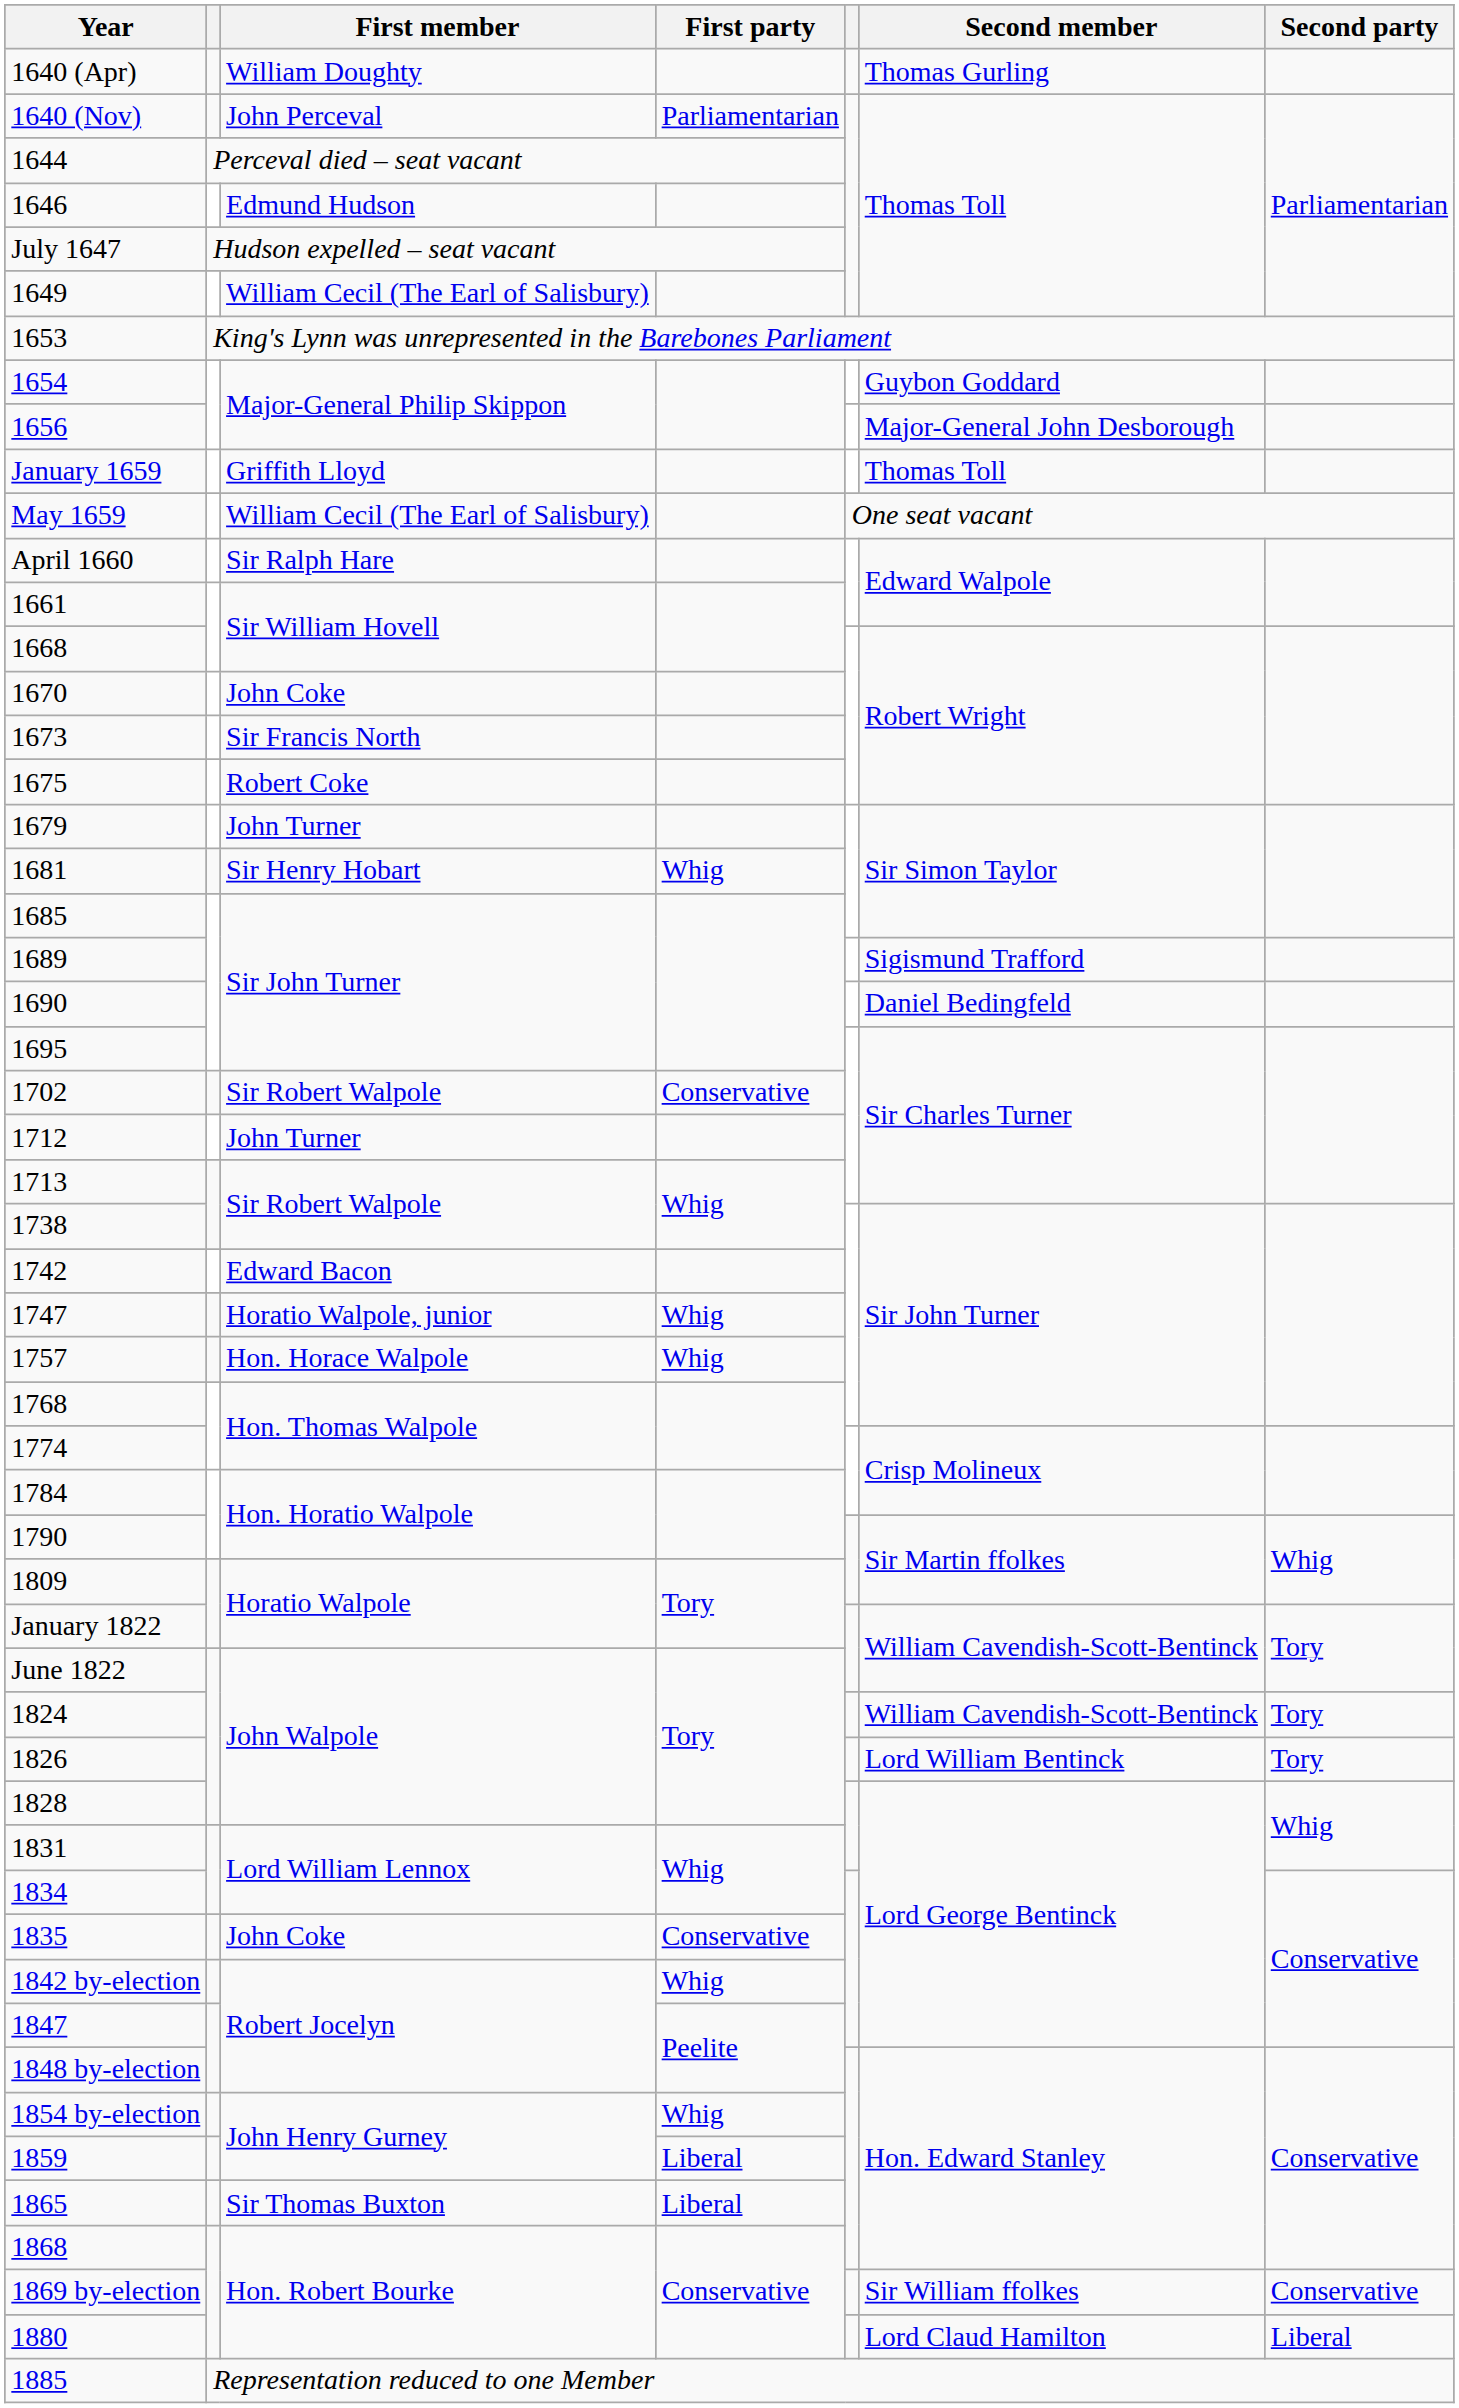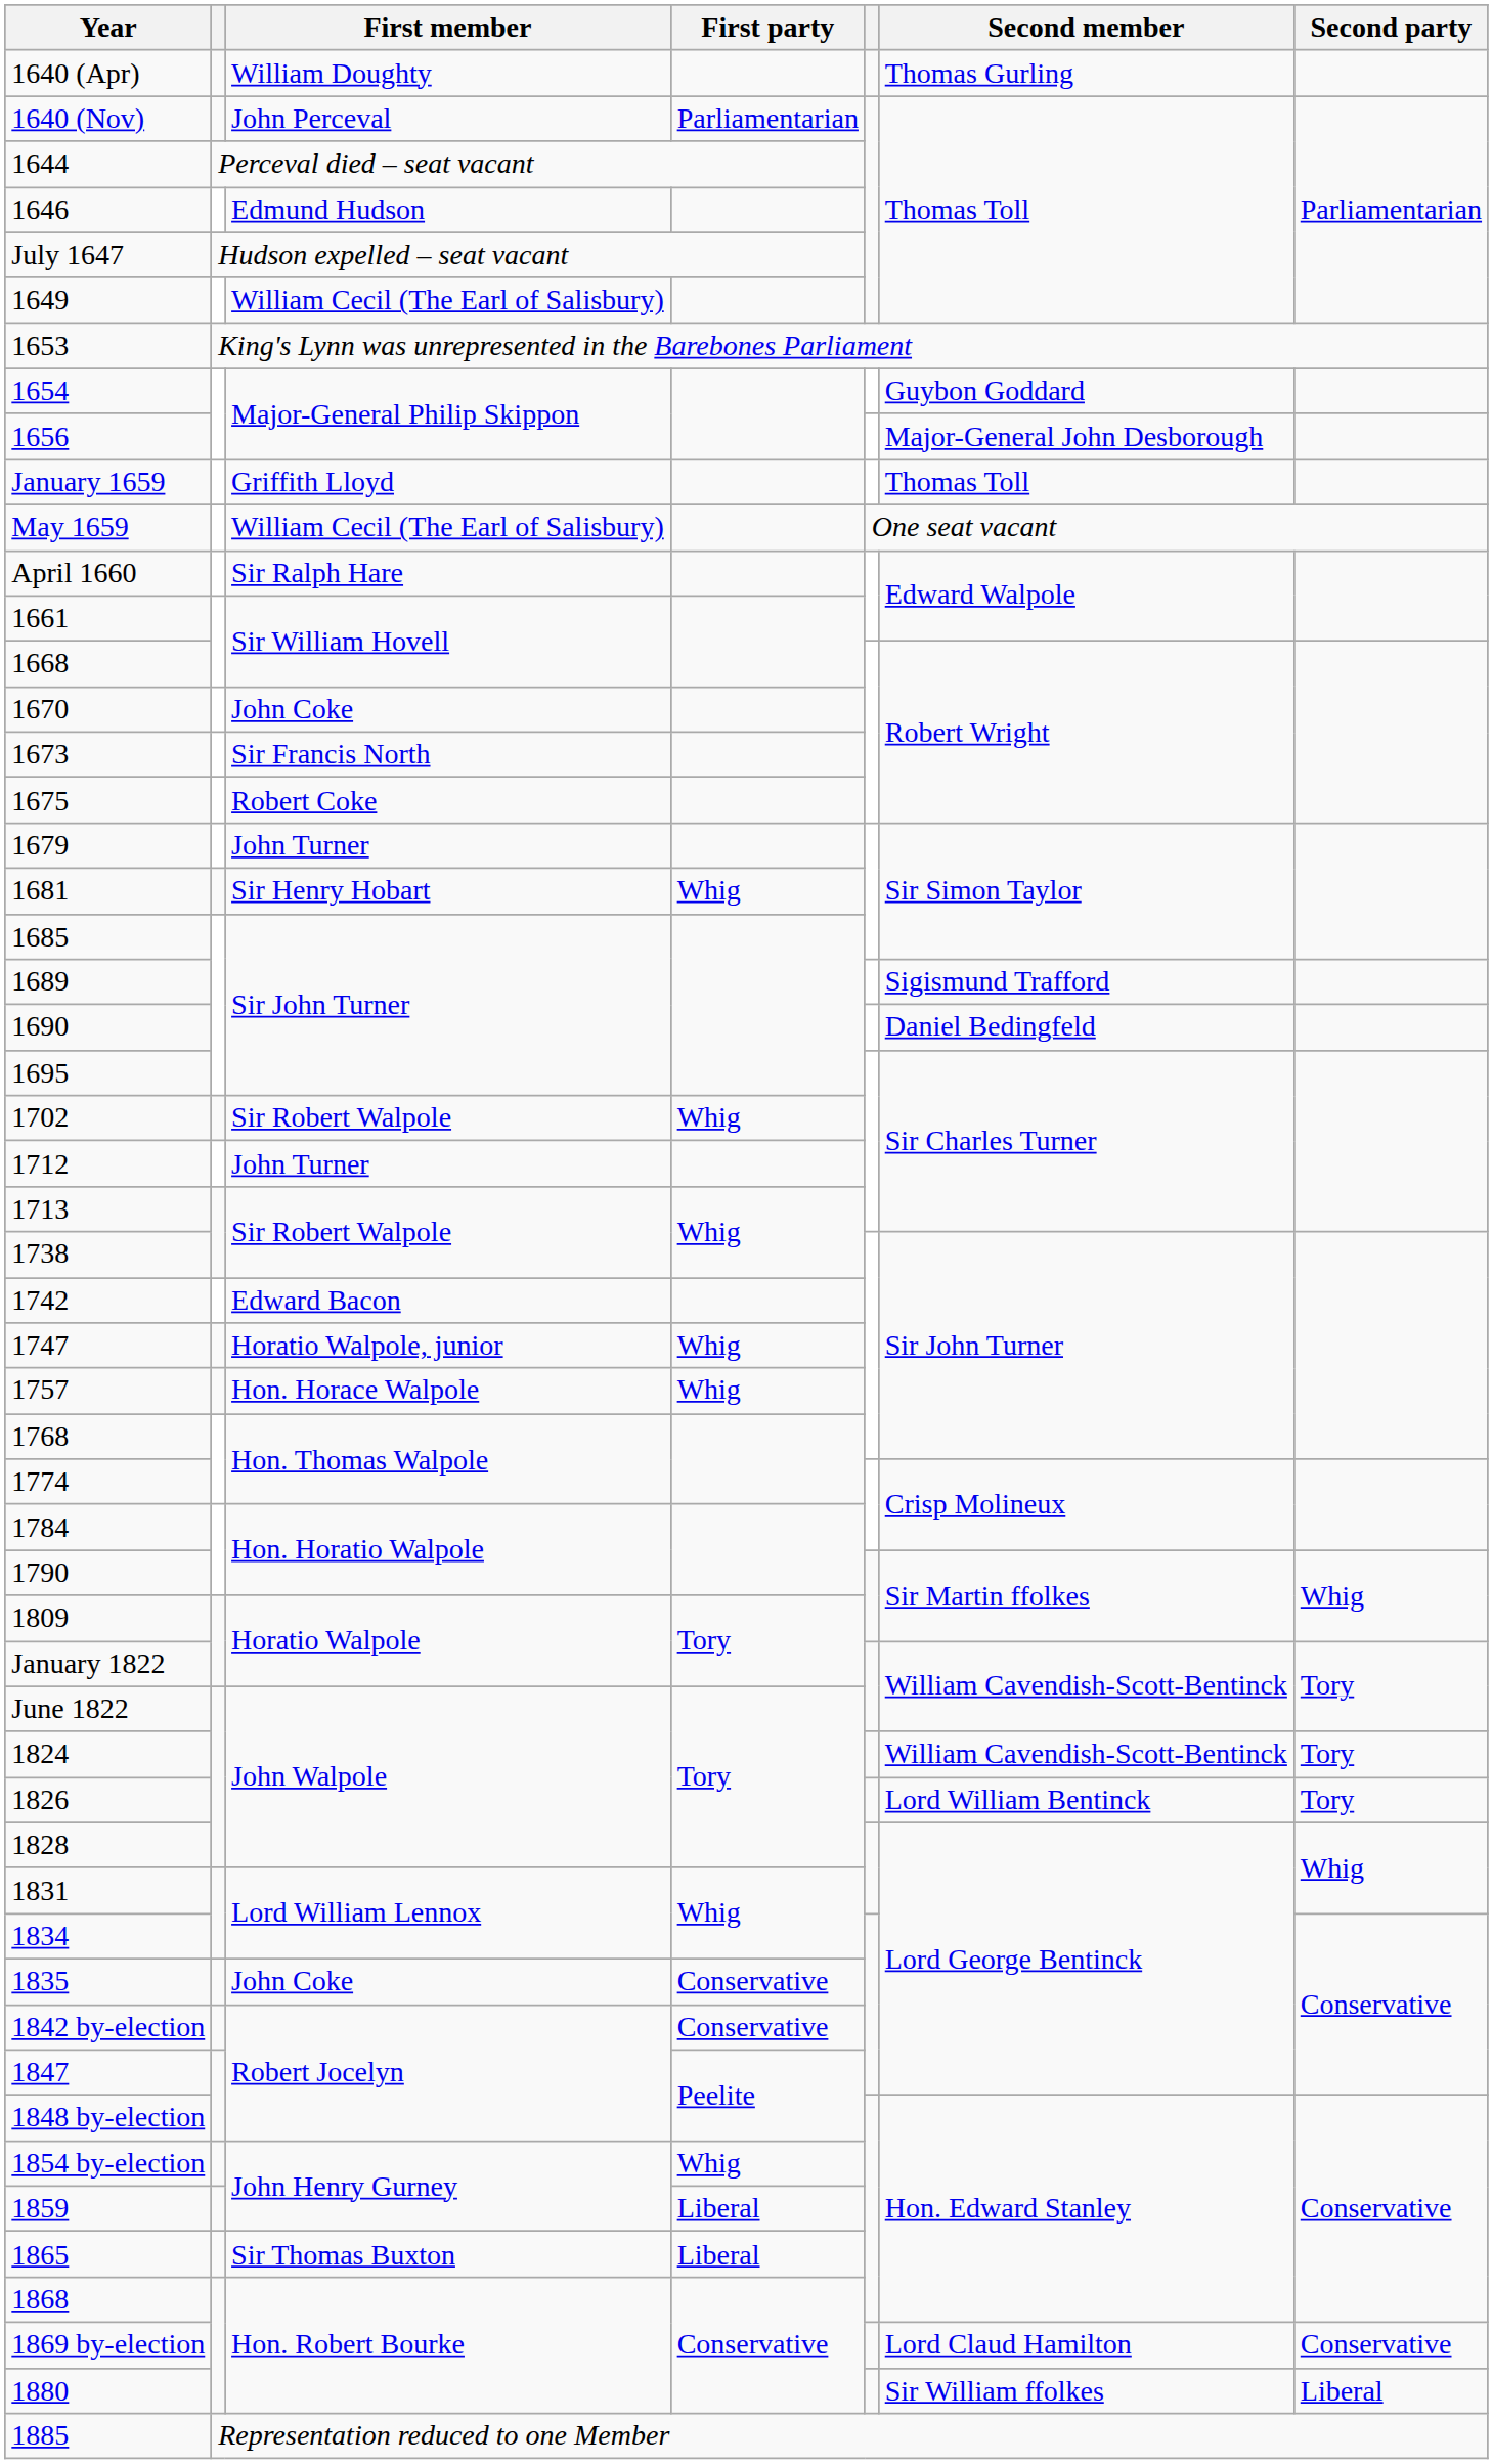 <table class="wikitable">
 <tr>
 <th>Year</th>
 <th></th>
 <th>First member</th>
 <th>First party</th>
 <th></th>
 <th>Second member</th>
 <th>Second party</th>
 </tr>
 <tr>
 <td>1640 (Apr)</td>
 <td></td>
 <td><a href='#'>William Doughty</a></td>
 <td></td>
 <td></td>
 <td><a href='#'>Thomas Gurling</a></td>
 </tr>
 <tr>
 <td><a href='#'>1640 (Nov)</a></td>
 <td style="color:inherit;background-color: "></td>
 <td><a href='#'>John Perceval</a></td>
 <td><a href='#'>Parliamentarian</a></td>
 <td rowspan="5" style="color:inherit;background-color: "></td>
 <td rowspan="5"><a href='#'>Thomas Toll</a></td>
 <td rowspan="5"><a href='#'>Parliamentarian</a></td>
 </tr>
 <tr>
 <td>1644</td>
 <td colspan="3"><em>Perceval died – seat vacant</em></td>
 </tr>
 <tr>
 <td>1646</td>
 <td style="color:inherit;background-color: white"></td>
 <td><a href='#'>Edmund Hudson</a></td>
 <td></td>
 </tr>
 <tr>
 <td>July 1647</td>
 <td colspan="3"><em>Hudson expelled – seat vacant</em></td>
 </tr>
 <tr>
 <td>1649</td>
 <td style="color:inherit;background-color: white"></td>
 <td><a href='#'>William Cecil (The Earl of Salisbury)</a></td>
 <td></td>
 </tr>
 <tr>
 <td>1653</td>
 <td colspan="6"><em>King's Lynn was unrepresented in the <a href='#'>Barebones Parliament</a></em></td>
 </tr>
 <tr>
 <td><a href='#'>1654</a></td>
 <td rowspan="2" style="color:inherit;background-color: white"></td>
 <td rowspan="2"><a href='#'>Major-General Philip Skippon</a></td>
 <td rowspan="2"></td>
 <td style="color:inherit;background-color: white"></td>
 <td><a href='#'>Guybon Goddard</a></td>
 <td></td>
 </tr>
 <tr>
 <td><a href='#'>1656</a></td>
 <td style="color:inherit;background-color: white"></td>
 <td><a href='#'>Major-General John Desborough</a></td>
 <td></td>
 </tr>
 <tr>
 <td><a href='#'>January 1659</a></td>
 <td style="color:inherit;background-color: white"></td>
 <td><a href='#'>Griffith Lloyd</a></td>
 <td></td>
 <td style="color:inherit;background-color: white"></td>
 <td><a href='#'>Thomas Toll</a></td>
 <td></td>
 </tr>
 <tr>
 <td><a href='#'>May 1659</a></td>
 <td style="color:inherit;background-color: white"></td>
 <td><a href='#'>William Cecil (The Earl of Salisbury)</a></td>
 <td></td>
 <td colspan="3"><em>One seat vacant</em></td>
 </tr>
 <tr>
 <td>April 1660</td>
 <td style="color:inherit;background-color: white"></td>
 <td><a href='#'>Sir Ralph Hare</a></td>
 <td></td>
 <td rowspan="2" style="color:inherit;background-color: white"></td>
 <td rowspan="2"><a href='#'>Edward Walpole</a></td>
 <td rowspan="2"></td>
 </tr>
 <tr>
 <td>1661</td>
 <td rowspan="2" style="color:inherit;background-color: white"></td>
 <td rowspan="2"><a href='#'>Sir William Hovell</a></td>
 <td rowspan="2"></td>
 </tr>
 <tr>
 <td>1668</td>
 <td rowspan="4" style="color:inherit;background-color: white"></td>
 <td rowspan="4"><a href='#'>Robert Wright</a></td>
 <td rowspan="4"></td>
 </tr>
 <tr>
 <td>1670</td>
 <td style="color:inherit;background-color: white"></td>
 <td><a href='#'>John Coke</a></td>
 <td></td>
 </tr>
 <tr>
 <td>1673</td>
 <td style="color:inherit;background-color: white"></td>
 <td><a href='#'>Sir Francis North</a></td>
 <td></td>
 </tr>
 <tr>
 <td>1675</td>
 <td style="color:inherit;background-color: white"></td>
 <td><a href='#'>Robert Coke</a></td>
 <td></td>
 </tr>
 <tr>
 <td>1679</td>
 <td style="color:inherit;background-color: white"></td>
 <td><a href='#'>John Turner</a></td>
 <td></td>
 <td rowspan="3" style="color:inherit;background-color: white"></td>
 <td rowspan="3"><a href='#'>Sir Simon Taylor</a></td>
 <td rowspan="3"></td>
 </tr>
 <tr>
 <td>1681</td>
 <td style="color:inherit;background-color: "></td>
 <td><a href='#'>Sir Henry Hobart</a></td>
 <td><a href='#'>Whig</a></td>
 </tr>
 <tr>
 <td>1685</td>
 <td rowspan="4" style="color:inherit;background-color: white"></td>
 <td rowspan="4"><a href='#'>Sir John Turner</a></td>
 <td rowspan="4"></td>
 </tr>
 <tr>
 <td>1689</td>
 <td style="color:inherit;background-color: white"></td>
 <td><a href='#'>Sigismund Trafford</a></td>
 <td></td>
 </tr>
 <tr>
 <td>1690</td>
 <td style="color:inherit;background-color: white"></td>
 <td><a href='#'>Daniel Bedingfeld</a></td>
 <td></td>
 </tr>
 <tr>
 <td>1695</td>
 <td rowspan="4" style="color:inherit;background-color: white"></td>
 <td rowspan="4"><a href='#'>Sir Charles Turner</a></td>
 <td rowspan="4"></td>
 </tr>
 <tr>
 <td>1702</td>
 <td style="color:inherit;background-color: "></td>
 <td><a href='#'>Sir Robert Walpole</a></td>
-<td><a href='#'>Conservative</a></td>
+<td><a href='#'>Whig</a></td>
 </tr>
 <tr>
 <td>1712</td>
 <td style="color:inherit;background-color: white"></td>
 <td><a href='#'>John Turner</a></td>
 <td></td>
 </tr>
 <tr>
 <td>1713</td>
 <td rowspan="2" style="color:inherit;background-color: "></td>
 <td rowspan="2"><a href='#'>Sir Robert Walpole</a></td>
 <td rowspan="2"><a href='#'>Whig</a></td>
 </tr>
 <tr>
 <td>1738</td>
 <td rowspan="5" style="color:inherit;background-color: white"></td>
 <td rowspan="5"><a href='#'>Sir John Turner</a></td>
 <td rowspan="5"></td>
 </tr>
 <tr>
 <td>1742</td>
 <td style="color:inherit;background-color: white"></td>
 <td><a href='#'>Edward Bacon</a></td>
 <td></td>
 </tr>
 <tr>
 <td>1747</td>
 <td style="color:inherit;background-color: "></td>
 <td><a href='#'>Horatio Walpole, junior</a></td>
 <td><a href='#'>Whig</a></td>
 </tr>
 <tr>
 <td>1757</td>
 <td style="color:inherit;background-color: "></td>
 <td><a href='#'>Hon. Horace Walpole</a></td>
 <td><a href='#'>Whig</a></td>
 </tr>
 <tr>
 <td>1768</td>
 <td rowspan="2" style="color:inherit;background-color: white"></td>
 <td rowspan="2"><a href='#'>Hon. Thomas Walpole</a></td>
 <td rowspan="2"></td>
 </tr>
 <tr>
 <td>1774</td>
 <td rowspan="2" style="color:inherit;background-color: white"></td>
 <td rowspan="2"><a href='#'>Crisp Molineux</a></td>
 <td rowspan="2"></td>
 </tr>
 <tr>
 <td>1784</td>
 <td rowspan="2" style="color:inherit;background-color: white"></td>
 <td rowspan="2"><a href='#'>Hon. Horatio Walpole</a></td>
 <td rowspan="2"></td>
 </tr>
 <tr>
 <td>1790</td>
 <td rowspan="2" style="color:inherit;background-color: "></td>
 <td rowspan="2"><a href='#'>Sir Martin ffolkes</a></td>
 <td rowspan="2"><a href='#'>Whig</a></td>
 </tr>
 <tr>
 <td>1809</td>
 <td rowspan="2" style="color:inherit;background-color: "></td>
 <td rowspan="2"><a href='#'>Horatio Walpole</a></td>
 <td rowspan="2"><a href='#'>Tory</a></td>
 </tr>
 <tr>
 <td>January 1822</td>
 <td rowspan="2" style="color:inherit;background-color: "></td>
 <td rowspan="2"><a href='#'>William Cavendish-Scott-Bentinck</a></td>
 <td rowspan="2"><a href='#'>Tory</a></td>
 </tr>
 <tr>
 <td>June 1822</td>
 <td rowspan="4" style="color:inherit;background-color: "></td>
 <td rowspan="4"><a href='#'>John Walpole</a></td>
 <td rowspan="4"><a href='#'>Tory</a></td>
 </tr>
 <tr>
 <td>1824</td>
 <td style="color:inherit;background-color: "></td>
 <td><a href='#'>William Cavendish-Scott-Bentinck</a></td>
 <td><a href='#'>Tory</a></td>
 </tr>
 <tr>
 <td>1826</td>
 <td style="color:inherit;background-color: "></td>
 <td><a href='#'>Lord William Bentinck</a></td>
 <td><a href='#'>Tory</a></td>
 </tr>
 <tr>
 <td>1828</td>
 <td rowspan="2" style="color:inherit;background-color: "></td>
 <td rowspan="6"><a href='#'>Lord George Bentinck</a></td>
 <td rowspan="2"><a href='#'>Whig</a></td>
 </tr>
 <tr>
 <td>1831</td>
 <td rowspan="2" style="color:inherit;background-color: "></td>
 <td rowspan="2"><a href='#'>Lord William Lennox</a></td>
 <td rowspan="2"><a href='#'>Whig</a></td>
 </tr>
 <tr>
 <td><a href='#'>1834</a></td>
 <td rowspan="4" style="color:inherit;background-color: "></td>
 <td rowspan="4"><a href='#'>Conservative</a></td>
 </tr>
 <tr>
 <td><a href='#'>1835</a></td>
 <td style="color:inherit;background-color: "></td>
 <td><a href='#'>John Coke</a></td>
 <td><a href='#'>Conservative</a></td>
 </tr>
 <tr>
 <td><a href='#'>1842 by-election</a></td>
 <td style="color:inherit;background-color: "></td>
 <td rowspan="3"><a href='#'>Robert Jocelyn</a></td>
-<td><a href='#'>Whig</a></td>
+<td><a href='#'>Conservative</a></td>
 </tr>
 <tr>
 <td><a href='#'>1847</a></td>
 <td rowspan="2" style="color:inherit;background-color: "></td>
 <td rowspan="2"><a href='#'>Peelite</a></td>
 </tr>
 <tr>
 <td><a href='#'>1848 by-election</a></td>
 <td rowspan="5" style="color:inherit;background-color: "></td>
 <td rowspan="5"><a href='#'>Hon. Edward Stanley</a></td>
 <td rowspan="5"><a href='#'>Conservative</a></td>
 </tr>
 <tr>
 <td><a href='#'>1854 by-election</a></td>
 <td style="color:inherit;background-color: "></td>
 <td rowspan="2"><a href='#'>John Henry Gurney</a></td>
 <td><a href='#'>Whig</a></td>
 </tr>
 <tr>
 <td><a href='#'>1859</a></td>
 <td style="color:inherit;background-color: "></td>
 <td><a href='#'>Liberal</a></td>
 </tr>
 <tr>
 <td><a href='#'>1865</a></td>
 <td style="color:inherit;background-color: "></td>
 <td><a href='#'>Sir Thomas Buxton</a></td>
 <td><a href='#'>Liberal</a></td>
 </tr>
 <tr>
 <td><a href='#'>1868</a></td>
 <td rowspan="3" style="color:inherit;background-color: "></td>
 <td rowspan="3"><a href='#'>Hon. Robert Bourke</a></td>
 <td rowspan="3"><a href='#'>Conservative</a></td>
 </tr>
 <tr>
 <td><a href='#'>1869 by-election</a></td>
 <td style="color:inherit;background-color: "></td>
-<td><a href='#'>Sir William ffolkes</a></td>
+<td><a href='#'>Lord Claud Hamilton</a></td>
 <td><a href='#'>Conservative</a></td>
 </tr>
 <tr>
 <td><a href='#'>1880</a></td>
 <td style="color:inherit;background-color: "></td>
-<td><a href='#'>Lord Claud Hamilton</a></td>
+<td><a href='#'>Sir William ffolkes</a></td>
 <td><a href='#'>Liberal</a></td>
 </tr>
 <tr>
 <td><a href='#'>1885</a></td>
 <td colspan="6"><em>Representation reduced to one Member</em></td>
 </tr>
 </table>
